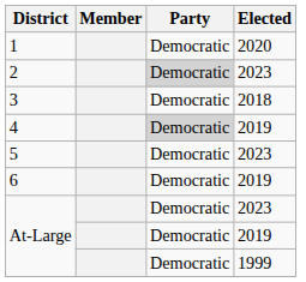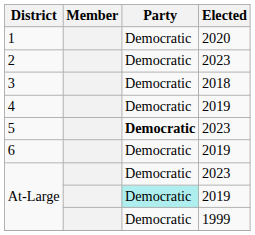 <table class="wikitable sortable plainrowheaders">
 <tr>
 <th>District</th>
 <th>Member</th>
 <th>Party</th>
 <th>Elected</th>
 </tr>
 <tr>
 <td>1</td>
 <th scope="row"></th>
 <td>Democratic</td>
 <td>2020</td>
 </tr>
 <tr>
 <td>2</td>
 <th scope="row"></th>
-<td style="background: lightgrey;">Democratic</td>
+<td>Democratic</td>
 <td>2023</td>
 </tr>
 <tr>
 <td>3</td>
 <th scope="row"></th>
 <td>Democratic</td>
 <td>2018</td>
 </tr>
 <tr>
 <td>4</td>
 <th scope="row"></th>
-<td style="background: lightgrey;">Democratic</td>
+<td>Democratic</td>
 <td>2019</td>
 </tr>
 <tr>
 <td>5</td>
 <th scope="row"></th>
-<td>Democratic</td>
+<td><strong>Democratic</strong></td>
 <td>2023</td>
 </tr>
 <tr>
 <td>6</td>
 <th scope="row"></th>
 <td>Democratic</td>
 <td>2019</td>
 </tr>
 <tr>
 <td rowspan=3>At-Large</td>
 <th scope="row"></th>
 <td>Democratic</td>
 <td>2023</td>
 </tr>
 <tr>
 <th scope="row"></th>
-<td>Democratic</td>
+<td style="background: paleturquoise;">Democratic</td>
 <td>2019</td>
 </tr>
 <tr>
 <th scope="row"></th>
 <td>Democratic</td>
 <td>1999</td>
 </tr>
 <tr>
 </tr>
 </table>
